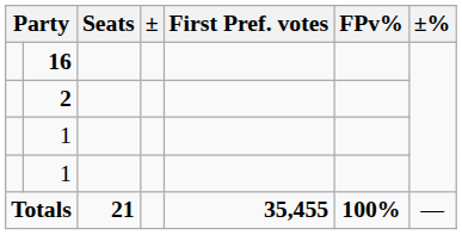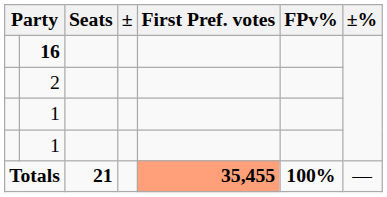 <table class=wikitable>
 <tr>
 <th colspan=2 align=center>Party</th>
 <th valign=top>Seats</th>
 <th valign=top>±</th>
 <th valign=top>First Pref. votes</th>
 <th valign=top>FPv%</th>
 <th valign=top>±%</th>
 </tr>
 <tr>
 <td></td>
 <td align=right><strong>16</strong></td>
 <td align=right></td>
 <td align=right></td>
 <td align=right></td>
 <td align=right></td>
 </tr>
 <tr>
 <td></td>
-<td align=right><strong>2</strong></td>
+<td align=right>2</td>
 <td align=right></td>
 <td align=right></td>
 <td align=right></td>
 <td align=right></td>
 </tr>
 <tr>
 <td></td>
 <td align=right>1</td>
 <td align=right></td>
 <td align=right></td>
 <td align=right></td>
 <td align=right></td>
 </tr>
 <tr>
 <td></td>
 <td align=right>1</td>
 <td align=right></td>
 <td align=right></td>
 <td align=right></td>
 <td align=right></td>
 </tr>
 <tr>
 <td colspan=2 align=center><strong>Totals</strong></td>
 <td align=right><strong>21</strong></td>
 <td align=center></td>
-<td align=right><strong>35,455</strong></td>
+<td align=right style="background: lightsalmon;"><strong>35,455</strong></td>
 <td align=center><strong>100%</strong></td>
 <td align=center>—</td>
 </tr>
 </table>
